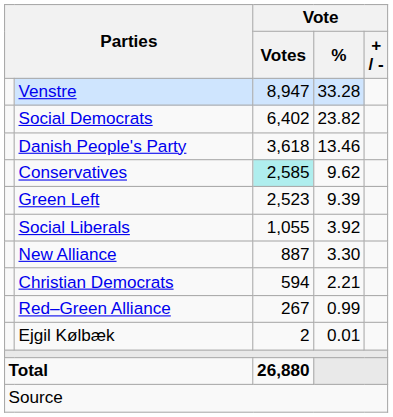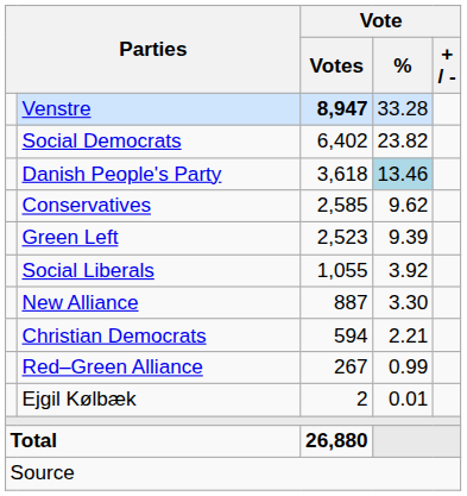 <table class="wikitable" style="text-align:right;">
 <tr>
 <th style="text-align:centre;" rowspan="2" colspan="2" width="225">Parties</th>
 <th colspan="3">Vote</th>
 </tr>
 <tr>
 <th width="15">Votes</th>
 <th width="15">%</th>
 <th width="15">+ / -</th>
 </tr>
 <tr>
 <td width="2" style="color:inherit;background:"></td>
 <td bgcolor=#cfe5fe  align="left"><a href='#'>Venstre</a></td>
-<td bgcolor=#cfe5fe>8,947</td>
+<td bgcolor=#cfe5fe><strong>8,947</strong></td>
 <td bgcolor=#cfe5fe>33.28</td>
 <td></td>
 </tr>
 <tr>
 <td width="2" style="color:inherit;background:"></td>
 <td align="left"><a href='#'>Social Democrats</a></td>
 <td>6,402</td>
 <td>23.82</td>
 <td></td>
 </tr>
 <tr>
 <td width="2" style="color:inherit;background:"></td>
 <td align="left"><a href='#'>Danish People's Party</a></td>
 <td>3,618</td>
-<td>13.46</td>
+<td style="background: lightblue;">13.46</td>
 <td></td>
 </tr>
 <tr>
 <td width="2" style="color:inherit;background:"></td>
 <td align="left"><a href='#'>Conservatives</a></td>
-<td style="background: paleturquoise;">2,585</td>
+<td>2,585</td>
 <td>9.62</td>
 <td></td>
 </tr>
 <tr>
 <td width="2" style="color:inherit;background:"></td>
 <td align="left"><a href='#'>Green Left</a></td>
 <td>2,523</td>
 <td>9.39</td>
 <td></td>
 </tr>
 <tr>
 <td width="2" style="color:inherit;background:"></td>
 <td align="left"><a href='#'>Social Liberals</a></td>
 <td>1,055</td>
 <td>3.92</td>
 <td></td>
 </tr>
 <tr>
 <td width="2" style="color:inherit;background:"></td>
 <td align="left"><a href='#'>New Alliance</a></td>
 <td>887</td>
 <td>3.30</td>
 <td></td>
 </tr>
 <tr>
 <td width="2" style="color:inherit;background:"></td>
 <td align="left"><a href='#'>Christian Democrats</a></td>
 <td>594</td>
 <td>2.21</td>
 <td></td>
 </tr>
 <tr>
 <td width="2" style="color:inherit;background:"></td>
 <td align="left"><a href='#'>Red–Green Alliance</a></td>
 <td>267</td>
 <td>0.99</td>
 <td></td>
 </tr>
 <tr>
 <td width="2" style="color:inherit;background:"></td>
 <td align="left">Ejgil Kølbæk</td>
 <td>2</td>
 <td>0.01</td>
 <td></td>
 </tr>
 <tr>
 <td colspan="7" bgcolor="#E9E9E9"></td>
 </tr>
 <tr>
 <td align="left" colspan="2"><strong>Total</strong></td>
 <td><strong>26,880</strong></td>
 <td bgcolor="#E9E9E9" colspan="2"></td>
 </tr>
 <tr>
 <td align="left" colspan="6">Source</td>
 </tr>
 </table>
